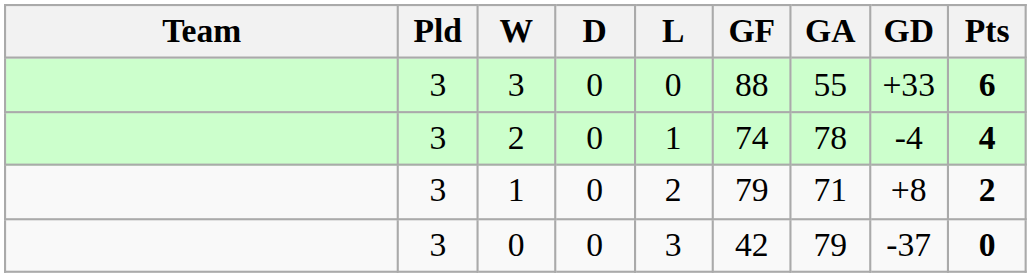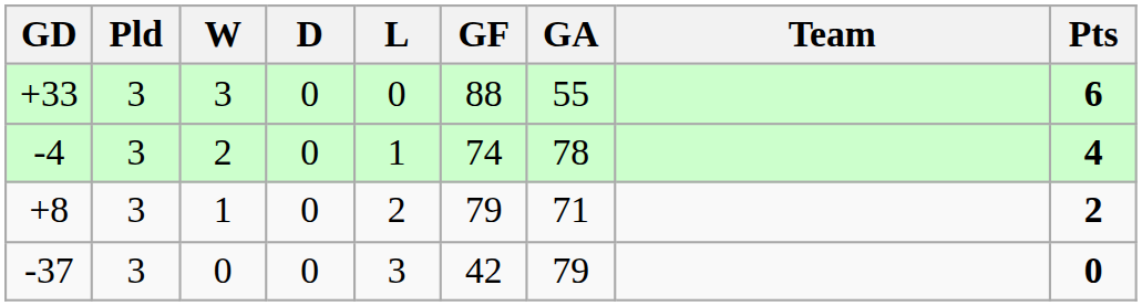 <table class="wikitable" style="text-align: center;">
 <tr>
-<th width="180">Team</th>
+<th width="30">GD</th>
 <th width="30">Pld</th>
 <th width="30">W</th>
 <th width="30">D</th>
 <th width="30">L</th>
 <th width="30">GF</th>
 <th width="30">GA</th>
-<th width="30">GD</th>
+<th width="180">Team</th>
 <th width="30">Pts</th>
 </tr>
 <tr bgcolor=#CCFFCC>
-<td align="left"></td>
+<td>+33</td>
 <td>3</td>
 <td>3</td>
 <td>0</td>
 <td>0</td>
 <td>88</td>
 <td>55</td>
-<td>+33</td>
+<td align="left"></td>
 <td><strong>6</strong></td>
 </tr>
 <tr bgcolor=#CCFFCC>
-<td align="left"></td>
+<td>-4</td>
 <td>3</td>
 <td>2</td>
 <td>0</td>
 <td>1</td>
 <td>74</td>
 <td>78</td>
-<td>-4</td>
+<td align="left"></td>
 <td><strong>4</strong></td>
 </tr>
 <tr>
-<td align="left"></td>
+<td>+8</td>
 <td>3</td>
 <td>1</td>
 <td>0</td>
 <td>2</td>
 <td>79</td>
 <td>71</td>
-<td>+8</td>
+<td align="left"></td>
 <td><strong>2</strong></td>
 </tr>
 <tr>
-<td align="left"></td>
+<td>-37</td>
 <td>3</td>
 <td>0</td>
 <td>0</td>
 <td>3</td>
 <td>42</td>
 <td>79</td>
-<td>-37</td>
+<td align="left"></td>
 <td><strong>0</strong></td>
 </tr>
 </table>
